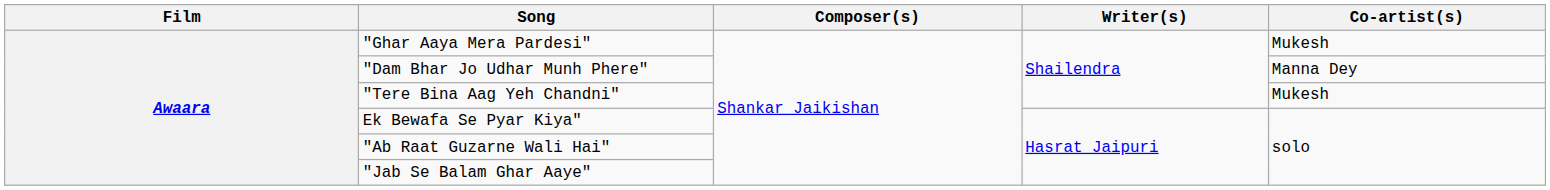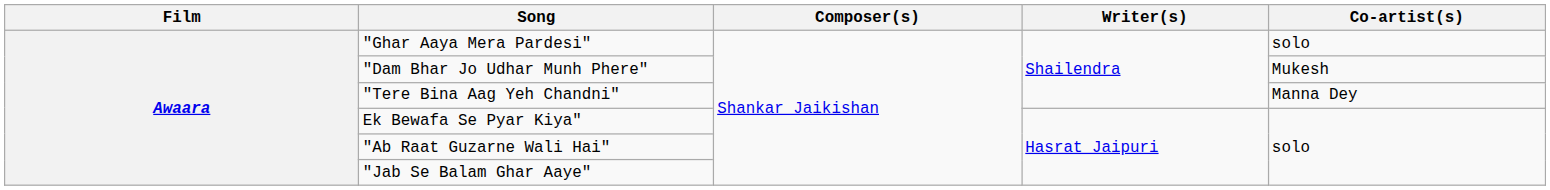 <table class="wikitable plainrowheaders" style="width:100%; textcolor:#000">
 <tr style="background:#b0e0e66;">
 <th scope="col" style="width:23%;"><strong>Film</strong></th>
 <th scope="col" style="width:23%;"><strong>Song</strong></th>
 <th scope="col" style="width:20%;"><strong>Composer(s)</strong></th>
 <th scope="col" style="width:16%;"><strong>Writer(s)</strong></th>
 <th scope="col" style="width:18%;"><strong>Co-artist(s)</strong></th>
 </tr>
 <tr>
 <th Rowspan=6><em><a href='#'>Awaara</a></em></th>
 <td>"Ghar Aaya Mera Pardesi"</td>
 <td rowspan=6><a href='#'>Shankar Jaikishan</a></td>
 <td rowspan=3><a href='#'>Shailendra</a></td>
+<td>solo</td>
+</tr>
+<tr>
+<td>"Dam Bhar Jo Udhar Munh Phere"</td>
 <td>Mukesh</td>
 </tr>
 <tr>
-<td>"Dam Bhar Jo Udhar Munh Phere"</td>
+<td>"Tere Bina Aag Yeh Chandni"</td>
 <td>Manna Dey</td>
-</tr>
-<tr>
-<td>"Tere Bina Aag Yeh Chandni"</td>
-<td>Mukesh</td>
 </tr>
 <tr>
 <td>Ek Bewafa Se Pyar Kiya"</td>
 <td rowspan=3><a href='#'>Hasrat Jaipuri</a></td>
 <td rowspan=3>solo</td>
 </tr>
 <tr>
 <td>"Ab Raat Guzarne Wali Hai"</td>
 </tr>
 <tr>
 <td>"Jab Se Balam Ghar Aaye"</td>
 </tr>
 </table>
